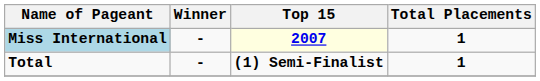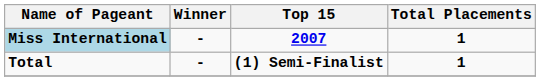 <table class="wikitable sortable" style="font-size:95%;">
 <tr>
 <th>Name of Pageant</th>
 <th>Winner</th>
 <th>Top 15</th>
 <th>Total Placements</th>
 </tr>
 <tr>
 <td bgcolor="#ADD8E6"><strong>Miss International</strong></td>
 <td align="center"><strong>-</strong></td>
-<td align="center" style="background: lightyellow;"><strong><a href='#'>2007</a></strong></td>
+<td align="center"><strong><a href='#'>2007</a></strong></td>
 <td align="center"><strong>1</strong></td>
 </tr>
 <tr>
 <td><strong>Total</strong></td>
 <td align="center"><strong>-</strong></td>
 <td align="center"><strong>(1) Semi-Finalist</strong></td>
 <td align="center"><strong>1</strong></td>
 </tr>
 <tr>
 </tr>
 </table>
